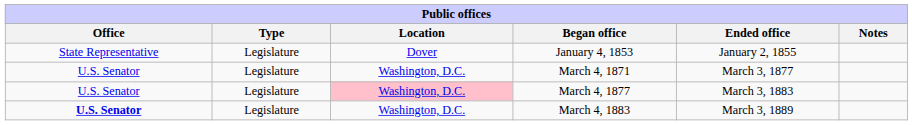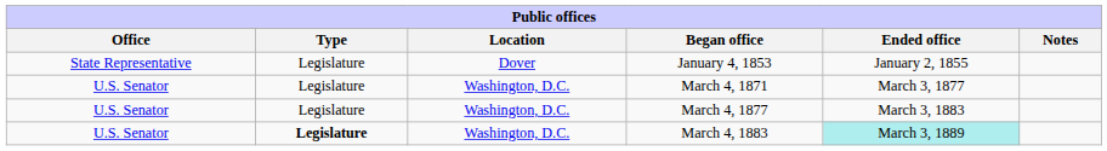 <table class="wikitable" style="text-align:center; width:94%; margin:auto;">
 <tr style="background:#ccc;">
 <th colspan="7" style="background:#ccf;">Public offices</th>
 </tr>
 <tr>
 <th><strong>Office</strong></th>
 <th><strong>Type</strong></th>
 <th><strong>Location</strong></th>
 <th><strong>Began office</strong></th>
 <th><strong>Ended office</strong></th>
 <th><strong>Notes</strong></th>
 </tr>
 <tr>
 <td><a href='#'>State Representative</a></td>
 <td>Legislature</td>
 <td><a href='#'>Dover</a></td>
 <td>January 4, 1853</td>
 <td>January 2, 1855</td>
 <td></td>
 </tr>
 <tr>
 <td><a href='#'>U.S. Senator</a></td>
 <td>Legislature</td>
 <td><a href='#'>Washington, D.C.</a></td>
 <td>March 4, 1871</td>
 <td>March 3, 1877</td>
 <td></td>
 </tr>
 <tr>
 <td><a href='#'>U.S. Senator</a></td>
 <td>Legislature</td>
-<td style="background: pink;"><a href='#'>Washington, D.C.</a></td>
+<td><a href='#'>Washington, D.C.</a></td>
 <td>March 4, 1877</td>
 <td>March 3, 1883</td>
 <td></td>
 </tr>
 <tr>
-<td><strong><a href='#'>U.S. Senator</a></strong></td>
-<td>Legislature</td>
+<td><a href='#'>U.S. Senator</a></td>
+<td><strong>Legislature</strong></td>
 <td><a href='#'>Washington, D.C.</a></td>
 <td>March 4, 1883</td>
-<td>March 3, 1889</td>
+<td style="background: paleturquoise;">March 3, 1889</td>
 <td></td>
 </tr>
 </table>
